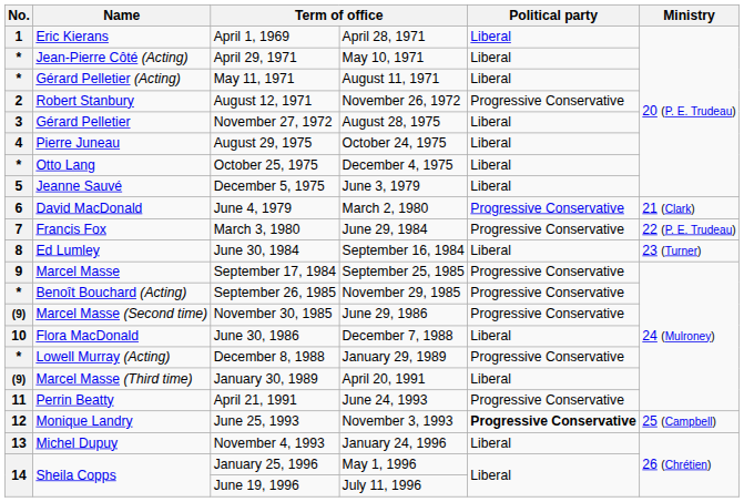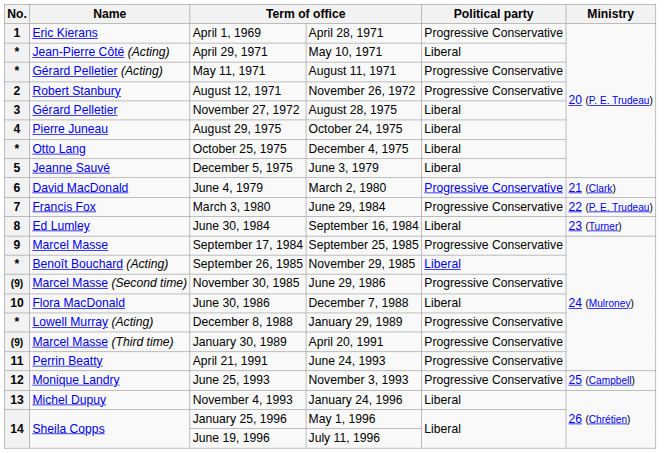 <table class="wikitable">
 <tr>
 <th>No.</th>
 <th>Name</th>
 <th colspan=2>Term of office</th>
 <th>Political party</th>
 <th>Ministry</th>
 </tr>
 <tr>
 <th style="background:">1</th>
 <td><a href='#'>Eric Kierans</a></td>
 <td>April 1, 1969</td>
 <td>April 28, 1971</td>
-<td><a href='#'>Liberal</a></td>
+<td>Progressive Conservative</td>
 <td rowspan=8><a href='#'>20</a> <small>(<a href='#'>P. E. Trudeau</a>)</small></td>
 </tr>
 <tr>
 <th style="background:">*</th>
 <td><a href='#'>Jean-Pierre Côté</a> <em>(Acting)</em></td>
 <td>April 29, 1971</td>
 <td>May 10, 1971</td>
 <td>Liberal</td>
 </tr>
 <tr>
 <th style="background:">*</th>
 <td><a href='#'>Gérard Pelletier</a> <em>(Acting)</em></td>
 <td>May 11, 1971</td>
 <td>August 11, 1971</td>
-<td>Liberal</td>
+<td>Progressive Conservative</td>
 </tr>
 <tr>
 <th style="background:">2</th>
 <td><a href='#'>Robert Stanbury</a></td>
 <td>August 12, 1971</td>
 <td>November 26, 1972</td>
 <td>Progressive Conservative</td>
 </tr>
 <tr>
 <th style="background:">3</th>
 <td><a href='#'>Gérard Pelletier</a></td>
 <td>November 27, 1972</td>
 <td>August 28, 1975</td>
 <td>Liberal</td>
 </tr>
 <tr>
 <th style="background:">4</th>
 <td><a href='#'>Pierre Juneau</a></td>
 <td>August 29, 1975</td>
 <td>October 24, 1975</td>
 <td>Liberal</td>
 </tr>
 <tr>
 <th style="background:">*</th>
 <td><a href='#'>Otto Lang</a></td>
 <td>October 25, 1975</td>
 <td>December 4, 1975</td>
 <td>Liberal</td>
 </tr>
 <tr>
 <th style="background:">5</th>
 <td><a href='#'>Jeanne Sauvé</a></td>
 <td>December 5, 1975</td>
 <td>June 3, 1979</td>
 <td>Liberal</td>
 </tr>
 <tr>
 <th style="background:">6</th>
 <td><a href='#'>David MacDonald</a></td>
 <td>June 4, 1979</td>
 <td>March 2, 1980</td>
 <td><a href='#'>Progressive Conservative</a></td>
 <td><a href='#'>21</a> <small>(<a href='#'>Clark</a>)</small></td>
 </tr>
 <tr>
 <th style="background:">7</th>
 <td><a href='#'>Francis Fox</a></td>
 <td>March 3, 1980</td>
 <td>June 29, 1984</td>
 <td>Progressive Conservative</td>
 <td><a href='#'>22</a> <small>(<a href='#'>P. E. Trudeau</a>)</small></td>
 </tr>
 <tr>
 <th style="background:">8</th>
 <td><a href='#'>Ed Lumley</a></td>
 <td>June 30, 1984</td>
 <td>September 16, 1984</td>
 <td>Liberal</td>
 <td><a href='#'>23</a> <small>(<a href='#'>Turner</a>)</small></td>
 </tr>
 <tr>
 <th style="background:">9</th>
 <td><a href='#'>Marcel Masse</a></td>
 <td>September 17, 1984</td>
 <td>September 25, 1985</td>
 <td>Progressive Conservative</td>
 <td rowspan=7><a href='#'>24</a> <small>(<a href='#'>Mulroney</a>)</small></td>
 </tr>
 <tr>
 <th style="background:">*</th>
 <td><a href='#'>Benoît Bouchard</a> <em>(Acting)</em></td>
 <td>September 26, 1985</td>
 <td>November 29, 1985</td>
-<td>Progressive Conservative</td>
+<td><a href='#'>Liberal</a></td>
 </tr>
 <tr>
 <th style="background:"><small>(9)</small></th>
 <td><a href='#'>Marcel Masse</a> <em>(Second time)</em></td>
 <td>November 30, 1985</td>
 <td>June 29, 1986</td>
 <td>Progressive Conservative</td>
 </tr>
 <tr>
 <th style="background:">10</th>
 <td><a href='#'>Flora MacDonald</a></td>
 <td>June 30, 1986</td>
 <td>December 7, 1988</td>
 <td>Liberal</td>
 </tr>
 <tr>
 <th style="background:">*</th>
 <td><a href='#'>Lowell Murray</a> <em>(Acting)</em></td>
 <td>December 8, 1988</td>
 <td>January 29, 1989</td>
 <td>Progressive Conservative</td>
 </tr>
 <tr>
 <th style="background:"><small>(9)</small></th>
 <td><a href='#'>Marcel Masse</a> <em>(Third time)</em></td>
 <td>January 30, 1989</td>
 <td>April 20, 1991</td>
-<td>Liberal</td>
+<td>Progressive Conservative</td>
 </tr>
 <tr>
 <th style="background:">11</th>
 <td><a href='#'>Perrin Beatty</a></td>
 <td>April 21, 1991</td>
 <td>June 24, 1993</td>
 <td>Progressive Conservative</td>
 </tr>
 <tr>
 <th style="background:">12</th>
 <td><a href='#'>Monique Landry</a></td>
 <td>June 25, 1993</td>
 <td>November 3, 1993</td>
-<td><strong>Progressive Conservative</strong></td>
+<td>Progressive Conservative</td>
 <td><a href='#'>25</a> <small>(<a href='#'>Campbell</a>)</small></td>
 </tr>
 <tr>
 <th style="background:">13</th>
 <td><a href='#'>Michel Dupuy</a></td>
 <td>November 4, 1993</td>
 <td>January 24, 1996</td>
 <td>Liberal</td>
 <td rowspan=3><a href='#'>26</a> <small>(<a href='#'>Chrétien</a>)</small></td>
 </tr>
 <tr>
 <th rowspan=2 style="background:">14</th>
 <td rowspan=2><a href='#'>Sheila Copps</a></td>
 <td>January 25, 1996</td>
 <td>May 1, 1996</td>
 <td rowspan=2>Liberal</td>
 </tr>
 <tr>
 <td>June 19, 1996</td>
 <td>July 11, 1996</td>
 </tr>
 </table>
